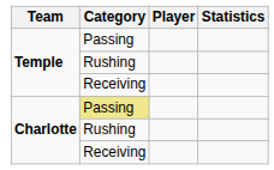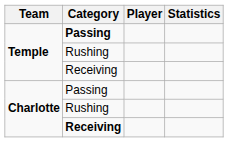 <table class="wikitable" style="float: right;">
 <tr>
 <th>Team</th>
 <th>Category</th>
 <th>Player</th>
 <th>Statistics</th>
 </tr>
 <tr>
 <td rowspan=3><strong>Temple</strong></td>
-<td>Passing</td>
+<td><strong>Passing</strong></td>
 <td></td>
 <td></td>
 </tr>
 <tr>
 <td>Rushing</td>
 <td></td>
 <td></td>
 </tr>
 <tr>
 <td>Receiving</td>
 <td></td>
 <td></td>
 </tr>
 <tr>
 <td rowspan=3><strong>Charlotte</strong></td>
-<td style="background: khaki;">Passing</td>
+<td>Passing</td>
 <td></td>
 <td></td>
 </tr>
 <tr>
 <td>Rushing</td>
 <td></td>
 <td></td>
 </tr>
 <tr>
-<td>Receiving</td>
+<td><strong>Receiving</strong></td>
 <td></td>
 <td></td>
 </tr>
 </table>
